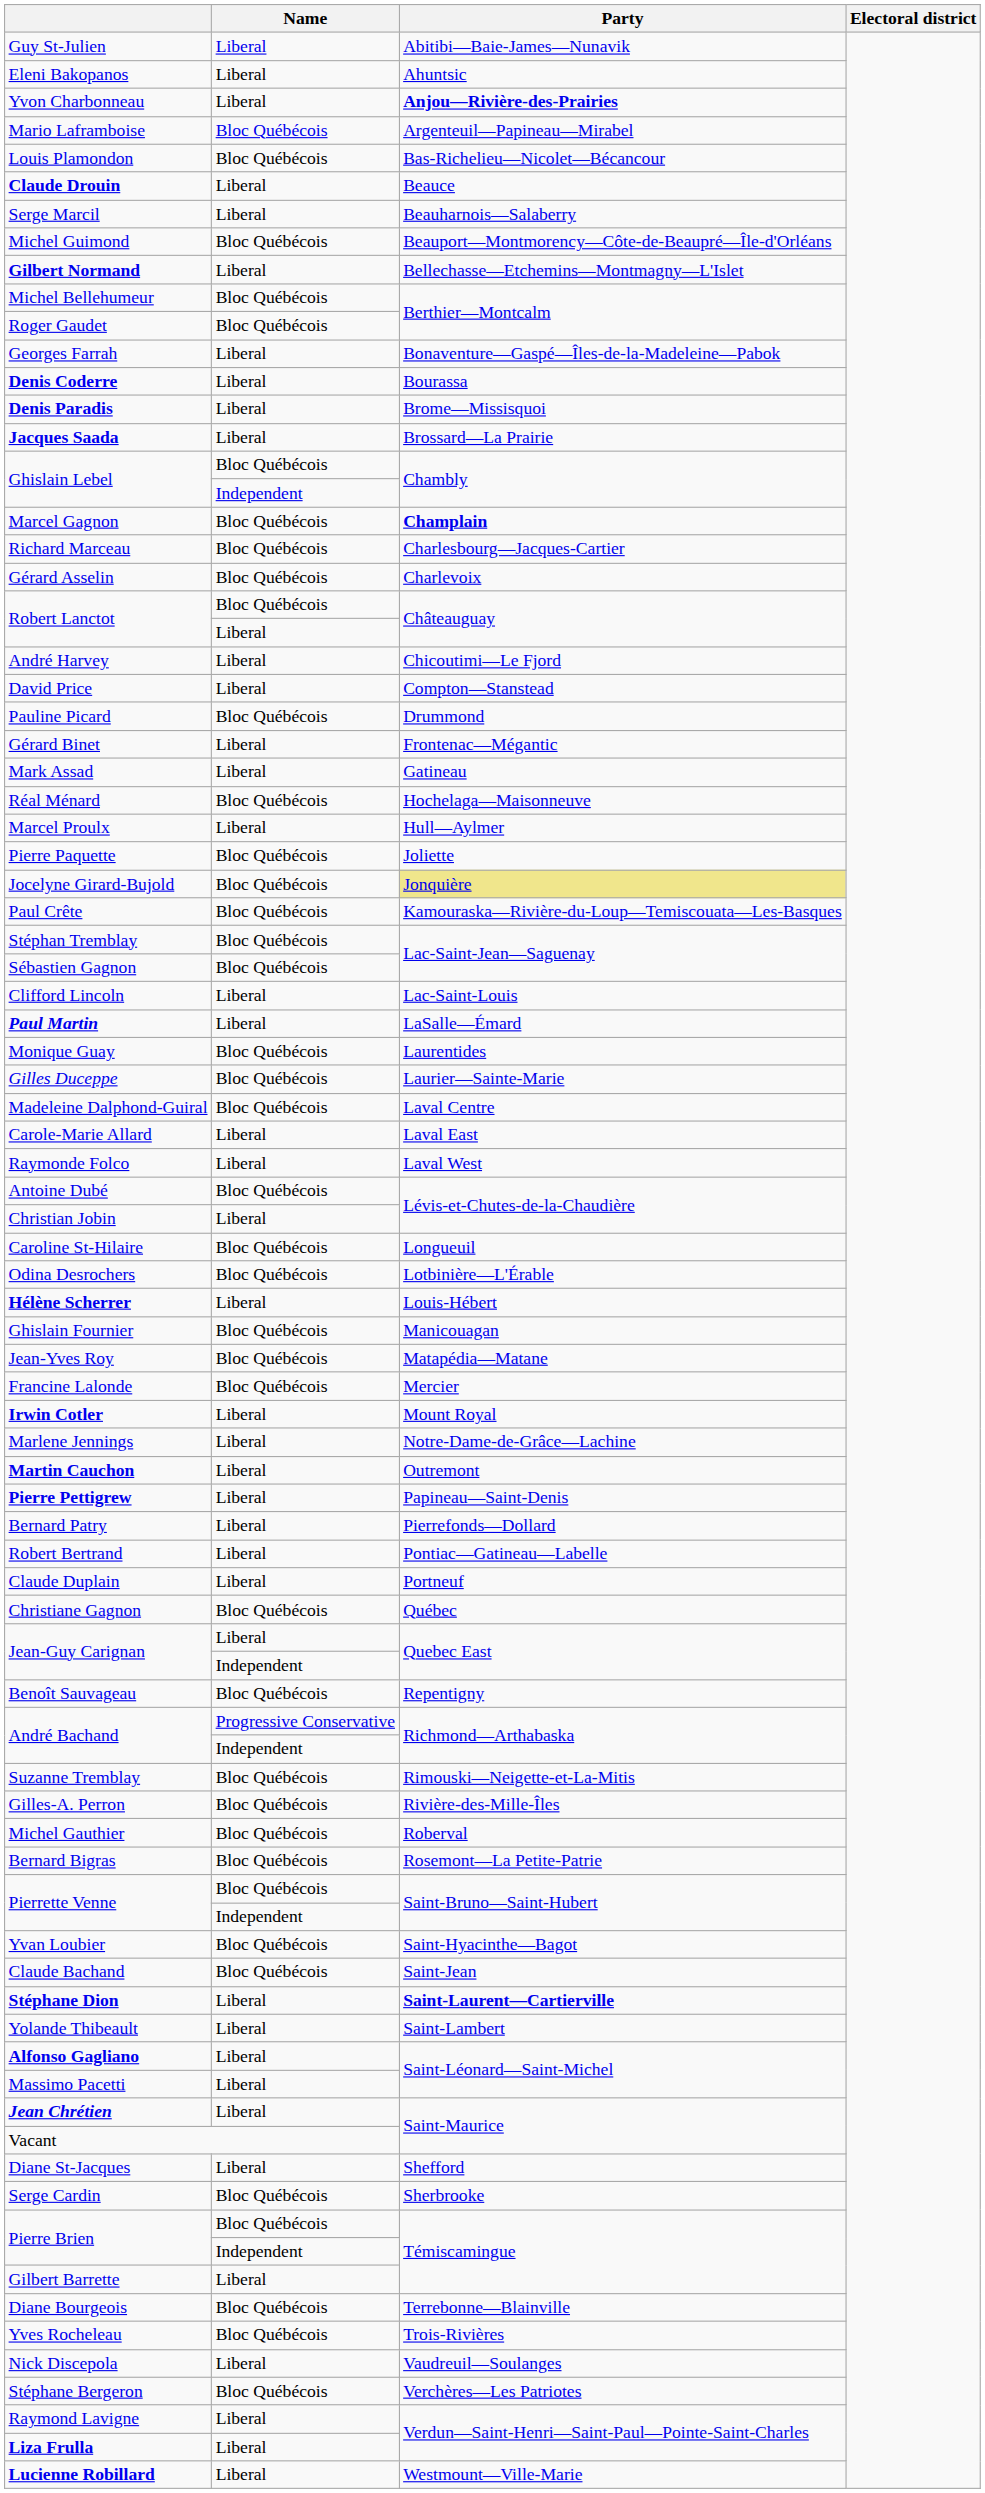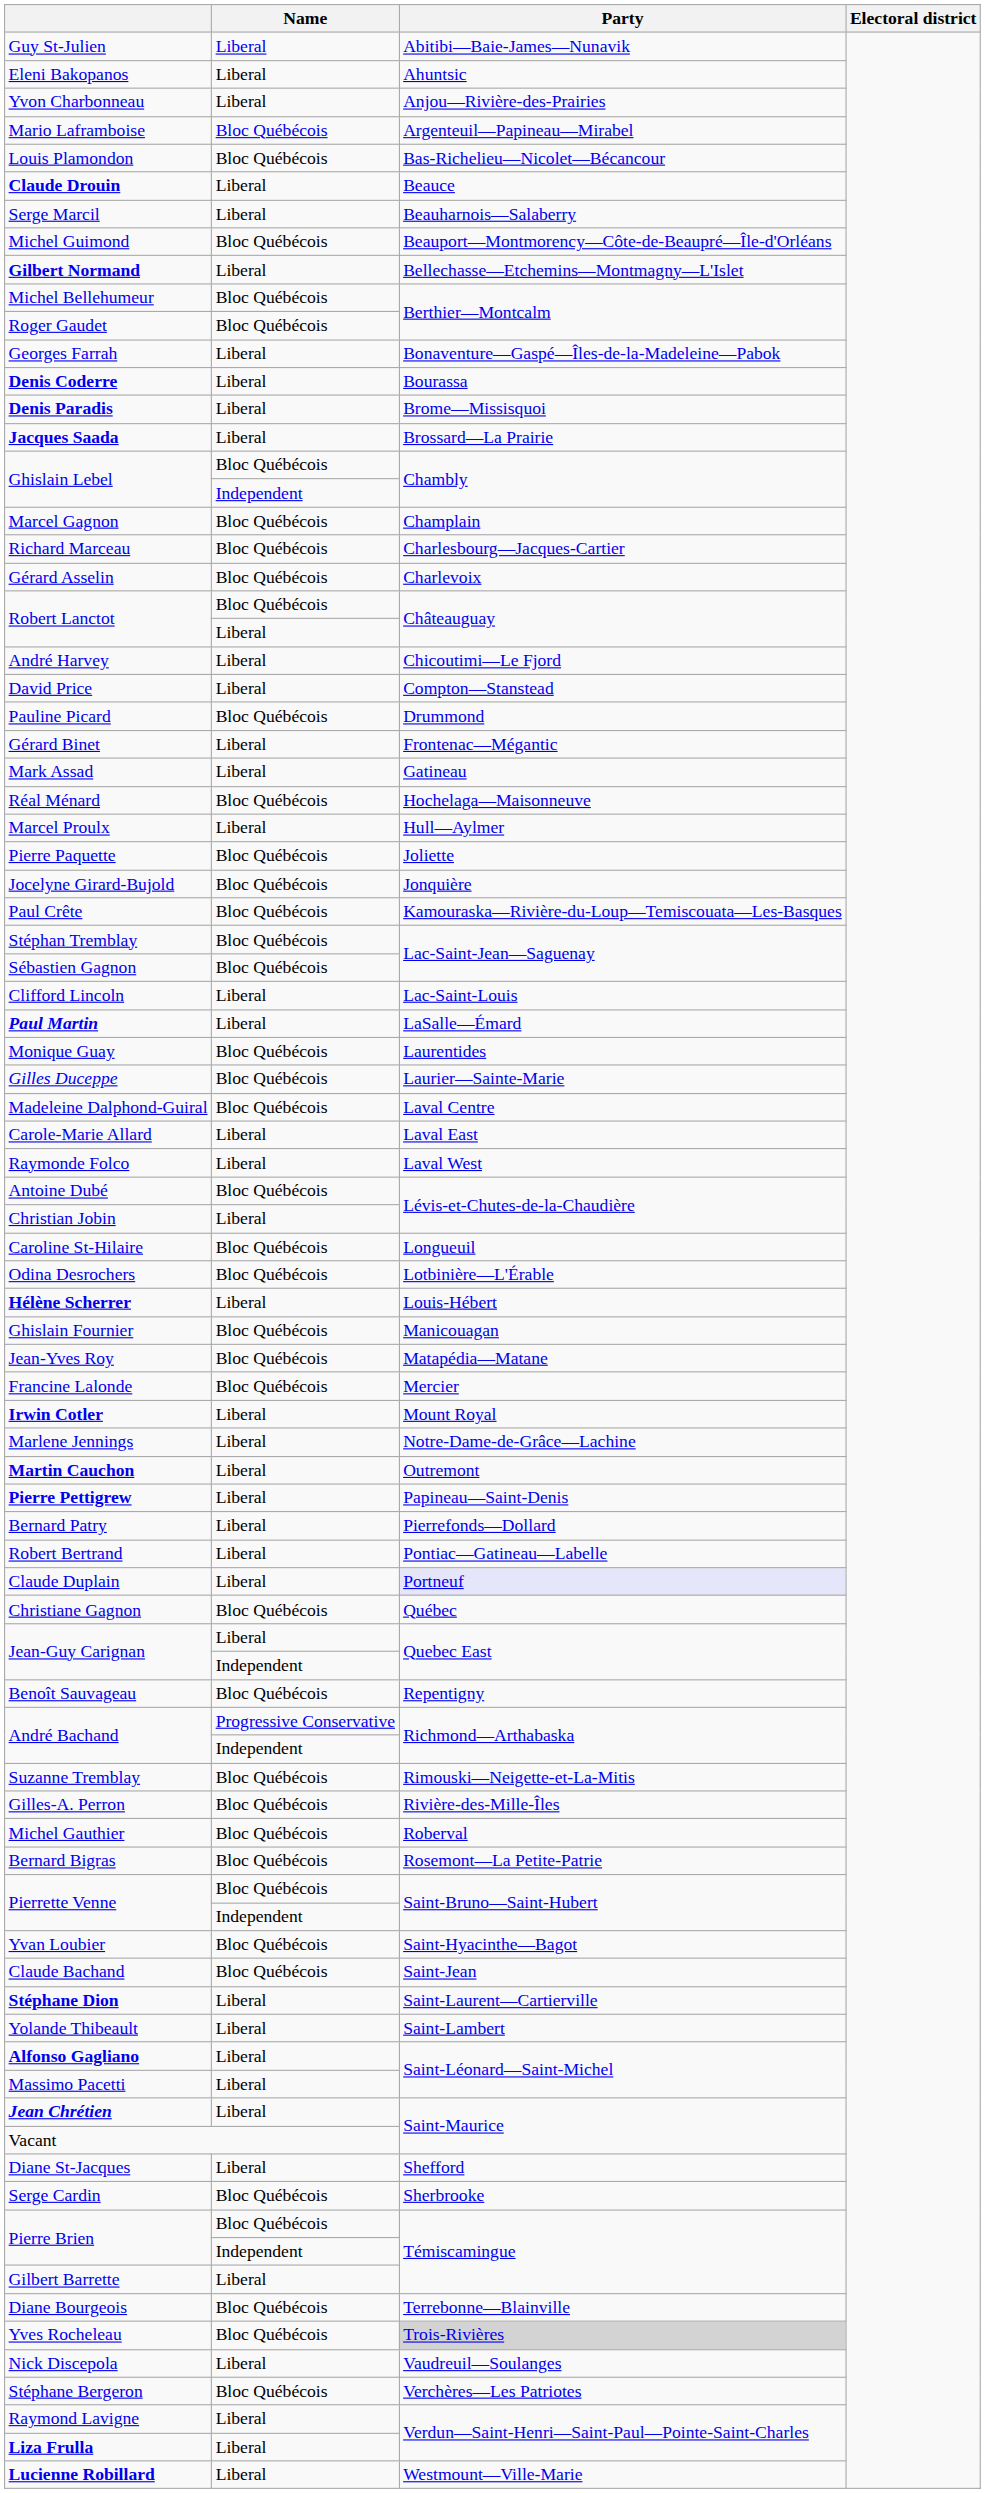 <table class="wikitable">
 <tr>
 <th></th>
 <th>Name</th>
 <th>Party</th>
 <th>Electoral district</th>
 </tr>
 <tr>
 <td><a href='#'>Guy St-Julien</a></td>
 <td><a href='#'>Liberal</a></td>
 <td><a href='#'>Abitibi—Baie-James—Nunavik</a></td>
 </tr>
 <tr>
 <td><a href='#'>Eleni Bakopanos</a></td>
 <td>Liberal</td>
 <td><a href='#'>Ahuntsic</a></td>
 </tr>
 <tr>
 <td><a href='#'>Yvon Charbonneau</a></td>
 <td>Liberal</td>
-<td><strong><a href='#'>Anjou—Rivière-des-Prairies</a></strong></td>
+<td><a href='#'>Anjou—Rivière-des-Prairies</a></td>
 </tr>
 <tr>
 <td><a href='#'>Mario Laframboise</a></td>
 <td><a href='#'>Bloc Québécois</a></td>
 <td><a href='#'>Argenteuil—Papineau—Mirabel</a></td>
 </tr>
 <tr>
 <td><a href='#'>Louis Plamondon</a></td>
 <td>Bloc Québécois</td>
 <td><a href='#'>Bas-Richelieu—Nicolet—Bécancour</a></td>
 </tr>
 <tr>
 <td><strong><a href='#'>Claude Drouin</a></strong></td>
 <td>Liberal</td>
 <td><a href='#'>Beauce</a></td>
 </tr>
 <tr>
 <td><a href='#'>Serge Marcil</a></td>
 <td>Liberal</td>
 <td><a href='#'>Beauharnois—Salaberry</a></td>
 </tr>
 <tr>
 <td><a href='#'>Michel Guimond</a></td>
 <td>Bloc Québécois</td>
 <td><a href='#'>Beauport—Montmorency—Côte-de-Beaupré—Île-d'Orléans</a></td>
 </tr>
 <tr>
 <td><strong><a href='#'>Gilbert Normand</a></strong></td>
 <td>Liberal</td>
 <td><a href='#'>Bellechasse—Etchemins—Montmagny—L'Islet</a></td>
 </tr>
 <tr>
 <td><a href='#'>Michel Bellehumeur</a></td>
 <td>Bloc Québécois</td>
 <td rowspan="2"><a href='#'>Berthier—Montcalm</a></td>
 </tr>
 <tr>
 <td><a href='#'>Roger Gaudet</a></td>
 <td>Bloc Québécois</td>
 </tr>
 <tr>
 <td><a href='#'>Georges Farrah</a></td>
 <td>Liberal</td>
 <td><a href='#'>Bonaventure—Gaspé—Îles-de-la-Madeleine—Pabok</a></td>
 </tr>
 <tr>
 <td><strong><a href='#'>Denis Coderre</a></strong></td>
 <td>Liberal</td>
 <td><a href='#'>Bourassa</a></td>
 </tr>
 <tr>
 <td><strong><a href='#'>Denis Paradis</a></strong></td>
 <td>Liberal</td>
 <td><a href='#'>Brome—Missisquoi</a></td>
 </tr>
 <tr>
 <td><strong><a href='#'>Jacques Saada</a></strong></td>
 <td>Liberal</td>
 <td><a href='#'>Brossard—La Prairie</a></td>
 </tr>
 <tr>
 <td rowspan="2"><a href='#'>Ghislain Lebel</a></td>
 <td>Bloc Québécois</td>
 <td rowspan="2"><a href='#'>Chambly</a></td>
 </tr>
 <tr>
 <td><a href='#'>Independent</a></td>
 </tr>
 <tr>
 <td><a href='#'>Marcel Gagnon</a></td>
 <td>Bloc Québécois</td>
-<td><strong><a href='#'>Champlain</a></strong></td>
+<td><a href='#'>Champlain</a></td>
 </tr>
 <tr>
 <td><a href='#'>Richard Marceau</a></td>
 <td>Bloc Québécois</td>
 <td><a href='#'>Charlesbourg—Jacques-Cartier</a></td>
 </tr>
 <tr>
 <td><a href='#'>Gérard Asselin</a></td>
 <td>Bloc Québécois</td>
 <td><a href='#'>Charlevoix</a></td>
 </tr>
 <tr>
 <td rowspan="2"><a href='#'>Robert Lanctot</a></td>
 <td>Bloc Québécois</td>
 <td rowspan="2"><a href='#'>Châteauguay</a></td>
 </tr>
 <tr>
 <td>Liberal</td>
 </tr>
 <tr>
 <td><a href='#'>André Harvey</a></td>
 <td>Liberal</td>
 <td><a href='#'>Chicoutimi—Le Fjord</a></td>
 </tr>
 <tr>
 <td><a href='#'>David Price</a></td>
 <td>Liberal</td>
 <td><a href='#'>Compton—Stanstead</a></td>
 </tr>
 <tr>
 <td><a href='#'>Pauline Picard</a></td>
 <td>Bloc Québécois</td>
 <td><a href='#'>Drummond</a></td>
 </tr>
 <tr>
 <td><a href='#'>Gérard Binet</a></td>
 <td>Liberal</td>
 <td><a href='#'>Frontenac—Mégantic</a></td>
 </tr>
 <tr>
 <td><a href='#'>Mark Assad</a></td>
 <td>Liberal</td>
 <td><a href='#'>Gatineau</a></td>
 </tr>
 <tr>
 <td><a href='#'>Réal Ménard</a></td>
 <td>Bloc Québécois</td>
 <td><a href='#'>Hochelaga—Maisonneuve</a></td>
 </tr>
 <tr>
 <td><a href='#'>Marcel Proulx</a></td>
 <td>Liberal</td>
 <td><a href='#'>Hull—Aylmer</a></td>
 </tr>
 <tr>
 <td><a href='#'>Pierre Paquette</a></td>
 <td>Bloc Québécois</td>
 <td><a href='#'>Joliette</a></td>
 </tr>
 <tr>
 <td><a href='#'>Jocelyne Girard-Bujold</a></td>
 <td>Bloc Québécois</td>
-<td style="background: khaki;"><a href='#'>Jonquière</a></td>
+<td><a href='#'>Jonquière</a></td>
 </tr>
 <tr>
 <td><a href='#'>Paul Crête</a></td>
 <td>Bloc Québécois</td>
 <td><a href='#'>Kamouraska—Rivière-du-Loup—Temiscouata—Les-Basques</a></td>
 </tr>
 <tr>
 <td><a href='#'>Stéphan Tremblay</a></td>
 <td>Bloc Québécois</td>
 <td rowspan="2"><a href='#'>Lac-Saint-Jean—Saguenay</a></td>
 </tr>
 <tr>
 <td><a href='#'>Sébastien Gagnon</a></td>
 <td>Bloc Québécois</td>
 </tr>
 <tr>
 <td><a href='#'>Clifford Lincoln</a></td>
 <td>Liberal</td>
 <td><a href='#'>Lac-Saint-Louis</a></td>
 </tr>
 <tr>
 <td><strong><em><a href='#'>Paul Martin</a></em></strong></td>
 <td>Liberal</td>
 <td><a href='#'>LaSalle—Émard</a></td>
 </tr>
 <tr>
 <td><a href='#'>Monique Guay</a></td>
 <td>Bloc Québécois</td>
 <td><a href='#'>Laurentides</a></td>
 </tr>
 <tr>
 <td><em><a href='#'>Gilles Duceppe</a></em></td>
 <td>Bloc Québécois</td>
 <td><a href='#'>Laurier—Sainte-Marie</a></td>
 </tr>
 <tr>
 <td><a href='#'>Madeleine Dalphond-Guiral</a></td>
 <td>Bloc Québécois</td>
 <td><a href='#'>Laval Centre</a></td>
 </tr>
 <tr>
 <td><a href='#'>Carole-Marie Allard</a></td>
 <td>Liberal</td>
 <td><a href='#'>Laval East</a></td>
 </tr>
 <tr>
 <td><a href='#'>Raymonde Folco</a></td>
 <td>Liberal</td>
 <td><a href='#'>Laval West</a></td>
 </tr>
 <tr>
 <td><a href='#'>Antoine Dubé</a></td>
 <td>Bloc Québécois</td>
 <td rowspan="2"><a href='#'>Lévis-et-Chutes-de-la-Chaudière</a></td>
 </tr>
 <tr>
 <td><a href='#'>Christian Jobin</a></td>
 <td>Liberal</td>
 </tr>
 <tr>
 <td><a href='#'>Caroline St-Hilaire</a></td>
 <td>Bloc Québécois</td>
 <td><a href='#'>Longueuil</a></td>
 </tr>
 <tr>
 <td><a href='#'>Odina Desrochers</a></td>
 <td>Bloc Québécois</td>
 <td><a href='#'>Lotbinière—L'Érable</a></td>
 </tr>
 <tr>
 <td><strong><a href='#'>Hélène Scherrer</a></strong></td>
 <td>Liberal</td>
 <td><a href='#'>Louis-Hébert</a></td>
 </tr>
 <tr>
 <td><a href='#'>Ghislain Fournier</a></td>
 <td>Bloc Québécois</td>
 <td><a href='#'>Manicouagan</a></td>
 </tr>
 <tr>
 <td><a href='#'>Jean-Yves Roy</a></td>
 <td>Bloc Québécois</td>
 <td><a href='#'>Matapédia—Matane</a></td>
 </tr>
 <tr>
 <td><a href='#'>Francine Lalonde</a></td>
 <td>Bloc Québécois</td>
 <td><a href='#'>Mercier</a></td>
 </tr>
 <tr>
 <td><strong><a href='#'>Irwin Cotler</a></strong></td>
 <td>Liberal</td>
 <td><a href='#'>Mount Royal</a></td>
 </tr>
 <tr>
 <td><a href='#'>Marlene Jennings</a></td>
 <td>Liberal</td>
 <td><a href='#'>Notre-Dame-de-Grâce—Lachine</a></td>
 </tr>
 <tr>
 <td><strong><a href='#'>Martin Cauchon</a></strong></td>
 <td>Liberal</td>
 <td><a href='#'>Outremont</a></td>
 </tr>
 <tr>
 <td><strong><a href='#'>Pierre Pettigrew</a></strong></td>
 <td>Liberal</td>
 <td><a href='#'>Papineau—Saint-Denis</a></td>
 </tr>
 <tr>
 <td><a href='#'>Bernard Patry</a></td>
 <td>Liberal</td>
 <td><a href='#'>Pierrefonds—Dollard</a></td>
 </tr>
 <tr>
 <td><a href='#'>Robert Bertrand</a></td>
 <td>Liberal</td>
 <td><a href='#'>Pontiac—Gatineau—Labelle</a></td>
 </tr>
 <tr>
 <td><a href='#'>Claude Duplain</a></td>
 <td>Liberal</td>
-<td><a href='#'>Portneuf</a></td>
+<td style="background: lavender;"><a href='#'>Portneuf</a></td>
 </tr>
 <tr>
 <td><a href='#'>Christiane Gagnon</a></td>
 <td>Bloc Québécois</td>
 <td><a href='#'>Québec</a></td>
 </tr>
 <tr>
 <td rowspan="2"><a href='#'>Jean-Guy Carignan</a></td>
 <td>Liberal</td>
 <td rowspan="2"><a href='#'>Quebec East</a></td>
 </tr>
 <tr>
 <td>Independent</td>
 </tr>
 <tr>
 <td><a href='#'>Benoît Sauvageau</a></td>
 <td>Bloc Québécois</td>
 <td><a href='#'>Repentigny</a></td>
 </tr>
 <tr>
 <td rowspan="2"><a href='#'>André Bachand</a></td>
 <td><a href='#'>Progressive Conservative</a></td>
 <td rowspan="2"><a href='#'>Richmond—Arthabaska</a></td>
 </tr>
 <tr>
 <td>Independent</td>
 </tr>
 <tr>
 <td><a href='#'>Suzanne Tremblay</a></td>
 <td>Bloc Québécois</td>
 <td><a href='#'>Rimouski—Neigette-et-La-Mitis</a></td>
 </tr>
 <tr>
 <td><a href='#'>Gilles-A. Perron</a></td>
 <td>Bloc Québécois</td>
 <td><a href='#'>Rivière-des-Mille-Îles</a></td>
 </tr>
 <tr>
 <td><a href='#'>Michel Gauthier</a></td>
 <td>Bloc Québécois</td>
 <td><a href='#'>Roberval</a></td>
 </tr>
 <tr>
 <td><a href='#'>Bernard Bigras</a></td>
 <td>Bloc Québécois</td>
 <td><a href='#'>Rosemont—La Petite-Patrie</a></td>
 </tr>
 <tr>
 <td rowspan="2"><a href='#'>Pierrette Venne</a></td>
 <td>Bloc Québécois</td>
 <td rowspan="2"><a href='#'>Saint-Bruno—Saint-Hubert</a></td>
 </tr>
 <tr>
 <td>Independent</td>
 </tr>
 <tr>
 <td><a href='#'>Yvan Loubier</a></td>
 <td>Bloc Québécois</td>
 <td><a href='#'>Saint-Hyacinthe—Bagot</a></td>
 </tr>
 <tr>
 <td><a href='#'>Claude Bachand</a></td>
 <td>Bloc Québécois</td>
 <td><a href='#'>Saint-Jean</a></td>
 </tr>
 <tr>
 <td><strong><a href='#'>Stéphane Dion</a></strong></td>
 <td>Liberal</td>
-<td><strong><a href='#'>Saint-Laurent—Cartierville</a></strong></td>
+<td><a href='#'>Saint-Laurent—Cartierville</a></td>
 </tr>
 <tr>
 <td><a href='#'>Yolande Thibeault</a></td>
 <td>Liberal</td>
 <td><a href='#'>Saint-Lambert</a></td>
 </tr>
 <tr>
 <td><strong><a href='#'>Alfonso Gagliano</a></strong></td>
 <td>Liberal</td>
 <td rowspan="2"><a href='#'>Saint-Léonard—Saint-Michel</a></td>
 </tr>
 <tr>
 <td><a href='#'>Massimo Pacetti</a></td>
 <td>Liberal</td>
 </tr>
 <tr>
 <td><strong><em><a href='#'>Jean Chrétien</a></em></strong></td>
 <td>Liberal</td>
 <td rowspan="2"><a href='#'>Saint-Maurice</a></td>
 </tr>
 <tr>
 <td colspan="2">Vacant</td>
 </tr>
 <tr>
 <td><a href='#'>Diane St-Jacques</a></td>
 <td>Liberal</td>
 <td><a href='#'>Shefford</a></td>
 </tr>
 <tr>
 <td><a href='#'>Serge Cardin</a></td>
 <td>Bloc Québécois</td>
 <td><a href='#'>Sherbrooke</a></td>
 </tr>
 <tr>
 <td rowspan="2"><a href='#'>Pierre Brien</a></td>
 <td>Bloc Québécois</td>
 <td rowspan="3"><a href='#'>Témiscamingue</a></td>
 </tr>
 <tr>
 <td>Independent</td>
 </tr>
 <tr>
 <td><a href='#'>Gilbert Barrette</a></td>
 <td>Liberal</td>
 </tr>
 <tr>
 <td><a href='#'>Diane Bourgeois</a></td>
 <td>Bloc Québécois</td>
 <td><a href='#'>Terrebonne—Blainville</a></td>
 </tr>
 <tr>
 <td><a href='#'>Yves Rocheleau</a></td>
 <td>Bloc Québécois</td>
-<td><a href='#'>Trois-Rivières</a></td>
+<td style="background: lightgrey;"><a href='#'>Trois-Rivières</a></td>
 </tr>
 <tr>
 <td><a href='#'>Nick Discepola</a></td>
 <td>Liberal</td>
 <td><a href='#'>Vaudreuil—Soulanges</a></td>
 </tr>
 <tr>
 <td><a href='#'>Stéphane Bergeron</a></td>
 <td>Bloc Québécois</td>
 <td><a href='#'>Verchères—Les Patriotes</a></td>
 </tr>
 <tr>
 <td><a href='#'>Raymond Lavigne</a></td>
 <td>Liberal</td>
 <td rowspan="2"><a href='#'>Verdun—Saint-Henri—Saint-Paul—Pointe-Saint-Charles</a></td>
 </tr>
 <tr>
 <td><strong><a href='#'>Liza Frulla</a></strong></td>
 <td>Liberal</td>
 </tr>
 <tr>
 <td><strong><a href='#'>Lucienne Robillard</a></strong></td>
 <td>Liberal</td>
 <td><a href='#'>Westmount—Ville-Marie</a></td>
 </tr>
 </table>
